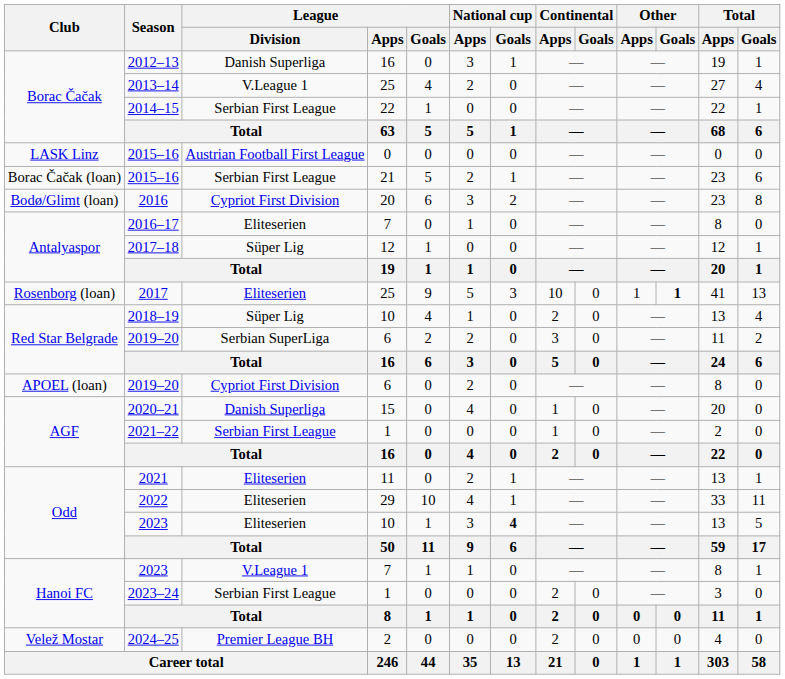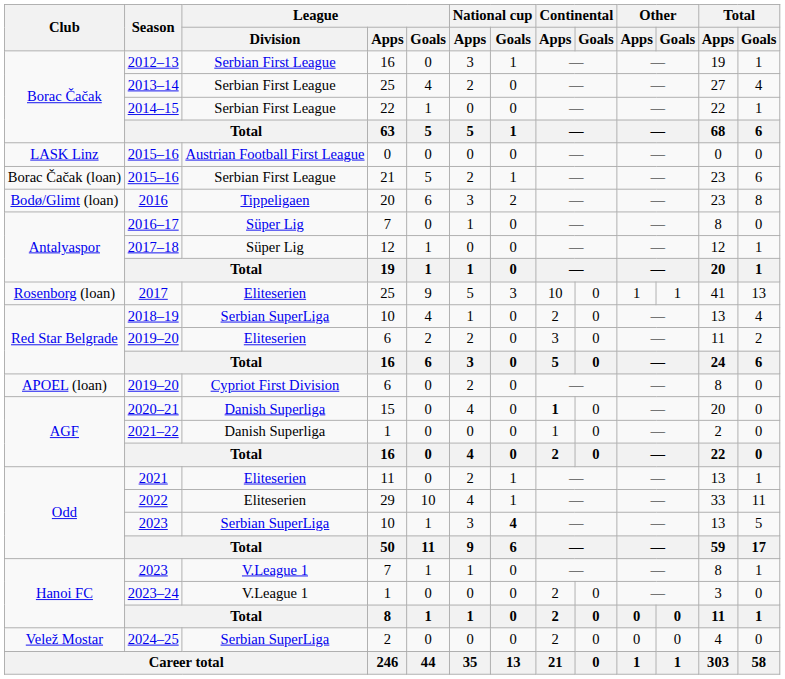 <table class="wikitable" style="text-align: center;">
 <tr>
 <th rowspan="2">Club</th>
 <th rowspan="2">Season</th>
 <th colspan="3">League</th>
 <th colspan="2">National cup</th>
 <th colspan="2">Continental</th>
 <th colspan="2">Other</th>
 <th colspan="2">Total</th>
 </tr>
 <tr>
 <th>Division</th>
 <th>Apps</th>
 <th>Goals</th>
 <th>Apps</th>
 <th>Goals</th>
 <th>Apps</th>
 <th>Goals</th>
 <th>Apps</th>
 <th>Goals</th>
 <th>Apps</th>
 <th>Goals</th>
 </tr>
 <tr>
 <td rowspan="4"><a href='#'>Borac Čačak</a></td>
 <td><a href='#'>2012–13</a></td>
-<td>Danish Superliga</td>
+<td><a href='#'>Serbian First League</a></td>
 <td>16</td>
 <td>0</td>
 <td>3</td>
 <td>1</td>
 <td colspan="2">—</td>
 <td colspan="2">—</td>
 <td>19</td>
 <td>1</td>
 </tr>
 <tr>
 <td><a href='#'>2013–14</a></td>
-<td>V.League 1</td>
+<td>Serbian First League</td>
 <td>25</td>
 <td>4</td>
 <td>2</td>
 <td>0</td>
 <td colspan="2">—</td>
 <td colspan="2">—</td>
 <td>27</td>
 <td>4</td>
 </tr>
 <tr>
 <td><a href='#'>2014–15</a></td>
 <td>Serbian First League</td>
 <td>22</td>
 <td>1</td>
 <td>0</td>
 <td>0</td>
 <td colspan="2">—</td>
 <td colspan="2">—</td>
 <td>22</td>
 <td>1</td>
 </tr>
 <tr>
 <th colspan="2">Total</th>
 <th>63</th>
 <th>5</th>
 <th>5</th>
 <th>1</th>
 <th colspan="2">—</th>
 <th colspan="2">—</th>
 <th>68</th>
 <th>6</th>
 </tr>
 <tr>
 <td><a href='#'>LASK Linz</a></td>
 <td><a href='#'>2015–16</a></td>
 <td><a href='#'>Austrian Football First League</a></td>
 <td>0</td>
 <td>0</td>
 <td>0</td>
 <td>0</td>
 <td colspan="2">—</td>
 <td colspan="2">—</td>
 <td>0</td>
 <td>0</td>
 </tr>
 <tr>
 <td>Borac Čačak (loan)</td>
 <td><a href='#'>2015–16</a></td>
 <td>Serbian First League</td>
 <td>21</td>
 <td>5</td>
 <td>2</td>
 <td>1</td>
 <td colspan="2">—</td>
 <td colspan="2">—</td>
 <td>23</td>
 <td>6</td>
 </tr>
 <tr>
 <td><a href='#'>Bodø/Glimt</a> (loan)</td>
 <td><a href='#'>2016</a></td>
-<td><a href='#'>Cypriot First Division</a></td>
+<td><a href='#'>Tippeligaen</a></td>
 <td>20</td>
 <td>6</td>
 <td>3</td>
 <td>2</td>
 <td colspan="2">—</td>
 <td colspan="2">—</td>
 <td>23</td>
 <td>8</td>
 </tr>
 <tr>
 <td rowspan="3"><a href='#'>Antalyaspor</a></td>
 <td><a href='#'>2016–17</a></td>
-<td>Eliteserien</td>
+<td><a href='#'>Süper Lig</a></td>
 <td>7</td>
 <td>0</td>
 <td>1</td>
 <td>0</td>
 <td colspan="2">—</td>
 <td colspan="2">—</td>
 <td>8</td>
 <td>0</td>
 </tr>
 <tr>
 <td><a href='#'>2017–18</a></td>
 <td>Süper Lig</td>
 <td>12</td>
 <td>1</td>
 <td>0</td>
 <td>0</td>
 <td colspan="2">—</td>
 <td colspan="2">—</td>
 <td>12</td>
 <td>1</td>
 </tr>
 <tr>
 <th colspan="2">Total</th>
 <th>19</th>
 <th>1</th>
 <th>1</th>
 <th>0</th>
 <th colspan="2">—</th>
 <th colspan="2">—</th>
 <th>20</th>
 <th>1</th>
 </tr>
 <tr>
 <td><a href='#'>Rosenborg</a> (loan)</td>
 <td><a href='#'>2017</a></td>
 <td><a href='#'>Eliteserien</a></td>
 <td>25</td>
 <td>9</td>
 <td>5</td>
 <td>3</td>
 <td>10</td>
 <td>0</td>
 <td>1</td>
-<td><strong>1</strong></td>
+<td>1</td>
 <td>41</td>
 <td>13</td>
 </tr>
 <tr>
 <td rowspan="3"><a href='#'>Red Star Belgrade</a></td>
 <td><a href='#'>2018–19</a></td>
-<td>Süper Lig</td>
+<td><a href='#'>Serbian SuperLiga</a></td>
 <td>10</td>
 <td>4</td>
 <td>1</td>
 <td>0</td>
 <td>2</td>
 <td>0</td>
 <td colspan="2">—</td>
 <td>13</td>
 <td>4</td>
 </tr>
 <tr>
 <td><a href='#'>2019–20</a></td>
-<td>Serbian SuperLiga</td>
+<td><a href='#'>Eliteserien</a></td>
 <td>6</td>
 <td>2</td>
 <td>2</td>
 <td>0</td>
 <td>3</td>
 <td>0</td>
 <td colspan="2">—</td>
 <td>11</td>
 <td>2</td>
 </tr>
 <tr>
 <th colspan="2">Total</th>
 <th>16</th>
 <th>6</th>
 <th>3</th>
 <th>0</th>
 <th>5</th>
 <th>0</th>
 <th colspan="2">—</th>
 <th>24</th>
 <th>6</th>
 </tr>
 <tr>
 <td><a href='#'>APOEL</a> (loan)</td>
 <td><a href='#'>2019–20</a></td>
 <td><a href='#'>Cypriot First Division</a></td>
 <td>6</td>
 <td>0</td>
 <td>2</td>
 <td>0</td>
 <td colspan="2">—</td>
 <td colspan="2">—</td>
 <td>8</td>
 <td>0</td>
 </tr>
 <tr>
 <td rowspan="3"><a href='#'>AGF</a></td>
 <td><a href='#'>2020–21</a></td>
 <td><a href='#'>Danish Superliga</a></td>
 <td>15</td>
 <td>0</td>
 <td>4</td>
 <td>0</td>
-<td>1</td>
+<td><strong>1</strong></td>
 <td>0</td>
 <td colspan="2">—</td>
 <td>20</td>
 <td>0</td>
 </tr>
 <tr>
 <td><a href='#'>2021–22</a></td>
-<td><a href='#'>Serbian First League</a></td>
+<td>Danish Superliga</td>
 <td>1</td>
 <td>0</td>
 <td>0</td>
 <td>0</td>
 <td>1</td>
 <td>0</td>
 <td colspan="2">—</td>
 <td>2</td>
 <td>0</td>
 </tr>
 <tr>
 <th colspan="2">Total</th>
 <th>16</th>
 <th>0</th>
 <th>4</th>
 <th>0</th>
 <th>2</th>
 <th>0</th>
 <th colspan="2">—</th>
 <th>22</th>
 <th>0</th>
 </tr>
 <tr>
 <td rowspan="4"><a href='#'>Odd</a></td>
 <td><a href='#'>2021</a></td>
 <td><a href='#'>Eliteserien</a></td>
 <td>11</td>
 <td>0</td>
 <td>2</td>
 <td>1</td>
 <td colspan="2">—</td>
 <td colspan="2">—</td>
 <td>13</td>
 <td>1</td>
 </tr>
 <tr>
 <td><a href='#'>2022</a></td>
 <td>Eliteserien</td>
 <td>29</td>
 <td>10</td>
 <td>4</td>
 <td>1</td>
 <td colspan="2">—</td>
 <td colspan="2">—</td>
 <td>33</td>
 <td>11</td>
 </tr>
 <tr>
 <td><a href='#'>2023</a></td>
-<td>Eliteserien</td>
+<td><a href='#'>Serbian SuperLiga</a></td>
 <td>10</td>
 <td>1</td>
 <td>3</td>
 <td><strong>4</strong></td>
 <td colspan="2">—</td>
 <td colspan="2">—</td>
 <td>13</td>
 <td>5</td>
 </tr>
 <tr>
 <th colspan="2">Total</th>
 <th>50</th>
 <th>11</th>
 <th>9</th>
 <th>6</th>
 <th colspan="2">—</th>
 <th colspan="2">—</th>
 <th>59</th>
 <th>17</th>
 </tr>
 <tr>
 <td rowspan=3><a href='#'>Hanoi FC</a></td>
 <td><a href='#'>2023</a></td>
 <td><a href='#'>V.League 1</a></td>
 <td>7</td>
 <td>1</td>
 <td>1</td>
 <td>0</td>
 <td colspan="2">—</td>
 <td colspan="2">—</td>
 <td>8</td>
 <td>1</td>
 </tr>
 <tr>
 <td><a href='#'>2023–24</a></td>
-<td>Serbian First League</td>
+<td>V.League 1</td>
 <td>1</td>
 <td>0</td>
 <td>0</td>
 <td>0</td>
 <td>2</td>
 <td>0</td>
 <td colspan="2">—</td>
 <td>3</td>
 <td>0</td>
 </tr>
 <tr>
 <th colspan=2>Total</th>
 <th>8</th>
 <th>1</th>
 <th>1</th>
 <th>0</th>
 <th>2</th>
 <th>0</th>
 <th>0</th>
 <th>0</th>
 <th>11</th>
 <th>1</th>
 </tr>
 <tr>
 <td><a href='#'>Velež Mostar</a></td>
 <td><a href='#'>2024–25</a></td>
-<td><a href='#'>Premier League BH</a></td>
+<td><a href='#'>Serbian SuperLiga</a></td>
 <td>2</td>
 <td>0</td>
 <td>0</td>
 <td>0</td>
 <td>2</td>
 <td>0</td>
 <td>0</td>
 <td>0</td>
 <td>4</td>
 <td>0</td>
 </tr>
 <tr>
 <th colspan="3">Career total</th>
 <th>246</th>
 <th>44</th>
 <th>35</th>
 <th>13</th>
 <th>21</th>
 <th>0</th>
 <th>1</th>
 <th>1</th>
 <th>303</th>
 <th>58</th>
 </tr>
 </table>
